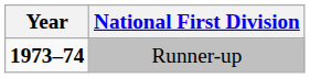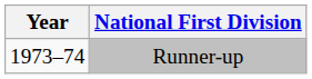 <table class="wikitable collapsible " style="text-align: center;">
 <tr>
 <th>Year</th>
 <th><a href='#'>National First Division</a></th>
 </tr>
 <tr>
-<td><strong>1973–74</strong></td>
+<td>1973–74</td>
 <td bgcolor=silver>Runner-up</td>
 </tr>
 </table>
